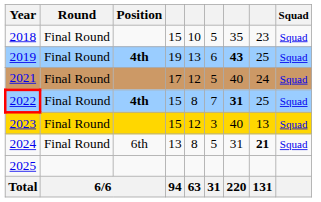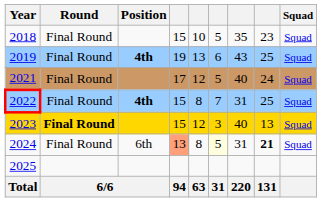 <table class="wikitable" style="text-align: center;">
 <tr>
 <th>Year</th>
 <th>Round</th>
 <th>Position</th>
 <th></th>
 <th></th>
 <th></th>
 <th></th>
 <th></th>
 <th><small>Squad</small></th>
 </tr>
 <tr -bgcolor=silver>
 <td> <a href='#'>2018</a></td>
 <td>Final Round</td>
 <td></td>
 <td>15</td>
 <td>10</td>
 <td>5</td>
 <td>35</td>
 <td>23</td>
 <td><small><a href='#'>Squad</a></small></td>
 </tr>
 <tr style="background:#9acdff;">
 <td> <a href='#'>2019</a></td>
 <td>Final Round</td>
 <td><strong>4th</strong></td>
 <td>19</td>
 <td>13</td>
 <td>6</td>
-<td><strong>43</strong></td>
+<td>43</td>
 <td>25</td>
 <td><small><a href='#'>Squad</a></small></td>
 </tr>
 <tr>
 </tr>
 <tr bgcolor=cc9966>
 <td> <a href='#'>2021</a></td>
 <td>Final Round</td>
 <td></td>
 <td>17</td>
 <td>12</td>
 <td>5</td>
 <td>40</td>
 <td>24</td>
 <td><small><a href='#'>Squad</a></small></td>
 </tr>
 <tr style="background:#9acdff;">
 <td style="border: 3px solid red"> <a href='#'>2022</a></td>
 <td>Final Round</td>
 <td><strong>4th</strong></td>
 <td>15</td>
 <td>8</td>
 <td>7</td>
-<td><strong>31</strong></td>
+<td>31</td>
 <td>25</td>
 <td><small><a href='#'>Squad</a></small></td>
 </tr>
 <tr bgcolor=gold>
 <td> <a href='#'>2023</a></td>
-<td>Final Round</td>
+<td><strong>Final Round</strong></td>
 <td></td>
 <td>15</td>
 <td>12</td>
 <td>3</td>
 <td>40</td>
 <td>13</td>
 <td><small><a href='#'>Squad</a></small></td>
 </tr>
 <tr>
 <td> <a href='#'>2024</a></td>
 <td>Final Round</td>
 <td>6th</td>
-<td>13</td>
+<td style="background: lightsalmon;">13</td>
 <td>8</td>
-<td>5</td>
+<td style="background: lightyellow;">5</td>
 <td>31</td>
 <td><strong>21</strong></td>
 <td><small><a href='#'>Squad</a></small></td>
 </tr>
 <tr>
 <td><a href='#'>2025</a></td>
 <td></td>
 <td></td>
 <td></td>
 <td></td>
 <td></td>
 <td></td>
 <td></td>
 <td></td>
 </tr>
 <tr>
 <th>Total</th>
 <th colspan="2">6/6</th>
 <th>94</th>
 <th>63</th>
 <th>31</th>
 <th>220</th>
 <th>131</th>
 <th></th>
 </tr>
 </table>
